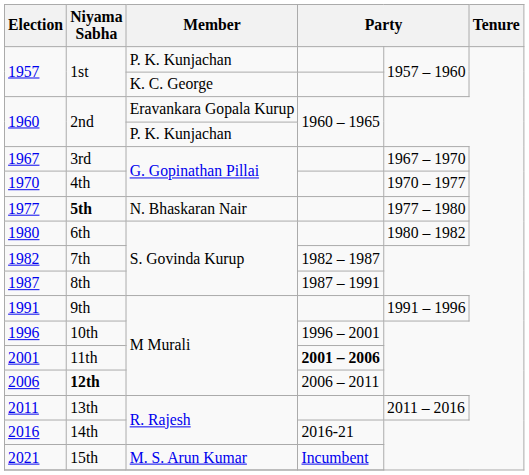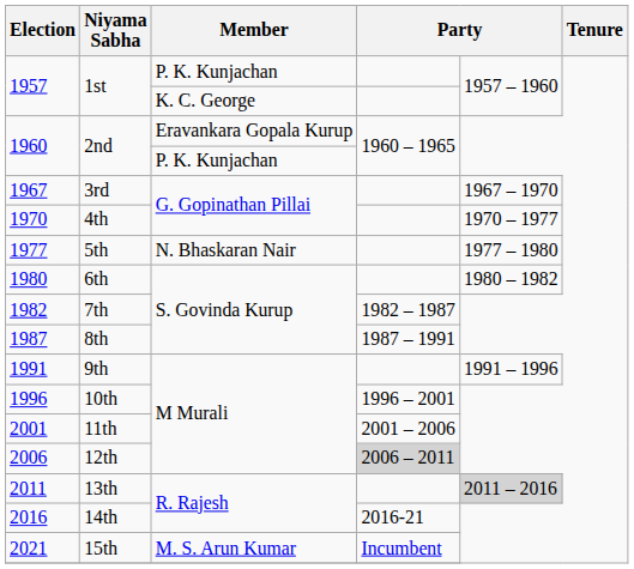 <table class="wikitable sortable">
 <tr>
 <th>Election</th>
 <th>Niyama<br>Sabha</th>
 <th>Member</th>
 <th colspan="2">Party</th>
 <th>Tenure</th>
 </tr>
 <tr>
 <td rowspan="2"><a href='#'>1957</a></td>
 <td rowspan="2">1st</td>
 <td>P. K. Kunjachan</td>
 <td></td>
 <td rowspan="2">1957 – 1960</td>
 </tr>
 <tr>
 <td>K. C. George</td>
 </tr>
 <tr>
 <td rowspan="2"><a href='#'>1960</a></td>
 <td rowspan="2">2nd</td>
 <td>Eravankara Gopala Kurup</td>
 <td rowspan="2">1960 – 1965</td>
 </tr>
 <tr>
 <td>P. K. Kunjachan</td>
 </tr>
 <tr>
 <td><a href='#'>1967</a></td>
 <td>3rd</td>
 <td rowspan="2"><a href='#'>G. Gopinathan Pillai</a></td>
 <td></td>
 <td>1967 – 1970</td>
 </tr>
 <tr>
 <td><a href='#'>1970</a></td>
 <td>4th</td>
 <td></td>
 <td>1970 – 1977</td>
 </tr>
 <tr>
 <td><a href='#'>1977</a></td>
-<td><strong>5th</strong></td>
+<td>5th</td>
 <td>N. Bhaskaran Nair</td>
 <td></td>
 <td>1977 – 1980</td>
 </tr>
 <tr>
 <td><a href='#'>1980</a></td>
 <td>6th</td>
 <td rowspan="3">S. Govinda Kurup</td>
 <td></td>
 <td>1980 – 1982</td>
 </tr>
 <tr>
 <td><a href='#'>1982</a></td>
 <td>7th</td>
 <td>1982 – 1987</td>
 </tr>
 <tr>
 <td><a href='#'>1987</a></td>
 <td>8th</td>
 <td>1987 – 1991</td>
 </tr>
 <tr>
 <td><a href='#'>1991</a></td>
 <td>9th</td>
 <td rowspan="4">M Murali</td>
 <td></td>
 <td>1991 – 1996</td>
 </tr>
 <tr>
 <td><a href='#'>1996</a></td>
 <td>10th</td>
 <td>1996 – 2001</td>
 </tr>
 <tr>
 <td><a href='#'>2001</a></td>
 <td>11th</td>
-<td><strong>2001 – 2006</strong></td>
+<td>2001 – 2006</td>
 </tr>
 <tr>
 <td><a href='#'>2006</a></td>
-<td><strong>12th</strong></td>
-<td>2006 – 2011</td>
+<td>12th</td>
+<td style="background: lightgrey;">2006 – 2011</td>
 </tr>
 <tr>
 <td><a href='#'>2011</a></td>
 <td>13th</td>
 <td rowspan="2"><a href='#'>R. Rajesh</a></td>
 <td></td>
-<td>2011 – 2016</td>
+<td style="background: lightgrey;">2011 – 2016</td>
 </tr>
 <tr>
 <td><a href='#'>2016</a></td>
 <td>14th</td>
 <td>2016-21</td>
 </tr>
 <tr>
 <td><a href='#'>2021</a></td>
 <td>15th</td>
 <td rowspan="1"><a href='#'>M. S. Arun Kumar</a></td>
 <td><a href='#'>Incumbent</a></td>
 </tr>
 <tr>
 </tr>
 </table>
